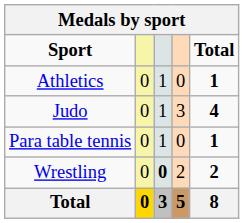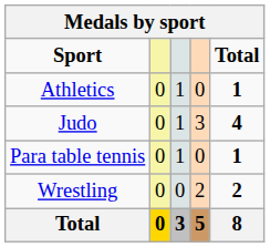 <table class="wikitable" style="font-size:85%">
 <tr style="background:#efefef;">
 <th colspan=7><strong>Medals by sport</strong></th>
 </tr>
 <tr align=center>
 <td><strong>Sport</strong></td>
 <td bgcolor=#f7f6a8></td>
 <td bgcolor=#dce5e5></td>
 <td bgcolor=#ffdab9></td>
 <td><strong>Total</strong></td>
 </tr>
 <tr align=center>
 <td><a href='#'>Athletics</a></td>
 <td style="background:#F7F6A8;">0</td>
 <td style="background:#DCE5E5;">1</td>
 <td style="background:#FFDAB9;">0</td>
 <td><strong>1</strong></td>
 </tr>
 <tr align=center>
 <td><a href='#'>Judo</a></td>
 <td style="background:#F7F6A8;">0</td>
 <td style="background:#DCE5E5;">1</td>
 <td style="background:#FFDAB9;">3</td>
 <td><strong>4</strong></td>
 </tr>
 <tr align=center>
 <td><a href='#'>Para table tennis</a></td>
 <td style="background:#F7F6A8;">0</td>
 <td style="background:#DCE5E5;">1</td>
 <td style="background:#FFDAB9;">0</td>
 <td><strong>1</strong></td>
 </tr>
 <tr align=center>
 <td><a href='#'>Wrestling</a></td>
 <td style="background:#F7F6A8;">0</td>
-<td style="background:#DCE5E5;"><strong>0</strong></td>
+<td style="background:#DCE5E5;">0</td>
 <td style="background:#FFDAB9;">2</td>
 <td><strong>2</strong></td>
 </tr>
 <tr align=center>
 <th><strong>Total</strong></th>
 <th style="background:gold;"><strong>0</strong></th>
 <th style="background:silver;"><strong>3</strong></th>
 <th style="background:#c96;"><strong>5</strong></th>
 <th><strong>8</strong></th>
 </tr>
 </table>
